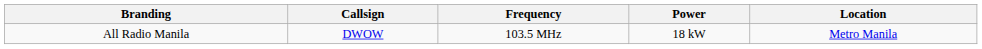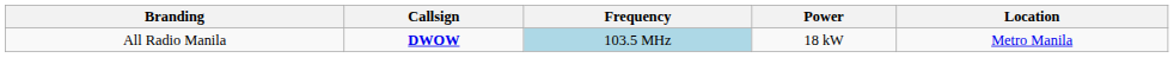 <table class="wikitable" style="width:100%; text-align:center;">
 <tr>
 <th>Branding</th>
 <th>Callsign</th>
 <th>Frequency</th>
 <th>Power</th>
 <th>Location</th>
 </tr>
 <tr>
 <td>All Radio Manila</td>
-<td><a href='#'>DWOW</a></td>
-<td>103.5 MHz</td>
+<td><strong><a href='#'>DWOW</a></strong></td>
+<td style="background: lightblue;">103.5 MHz</td>
 <td>18 kW</td>
 <td><a href='#'>Metro Manila</a></td>
 </tr>
 </table>
